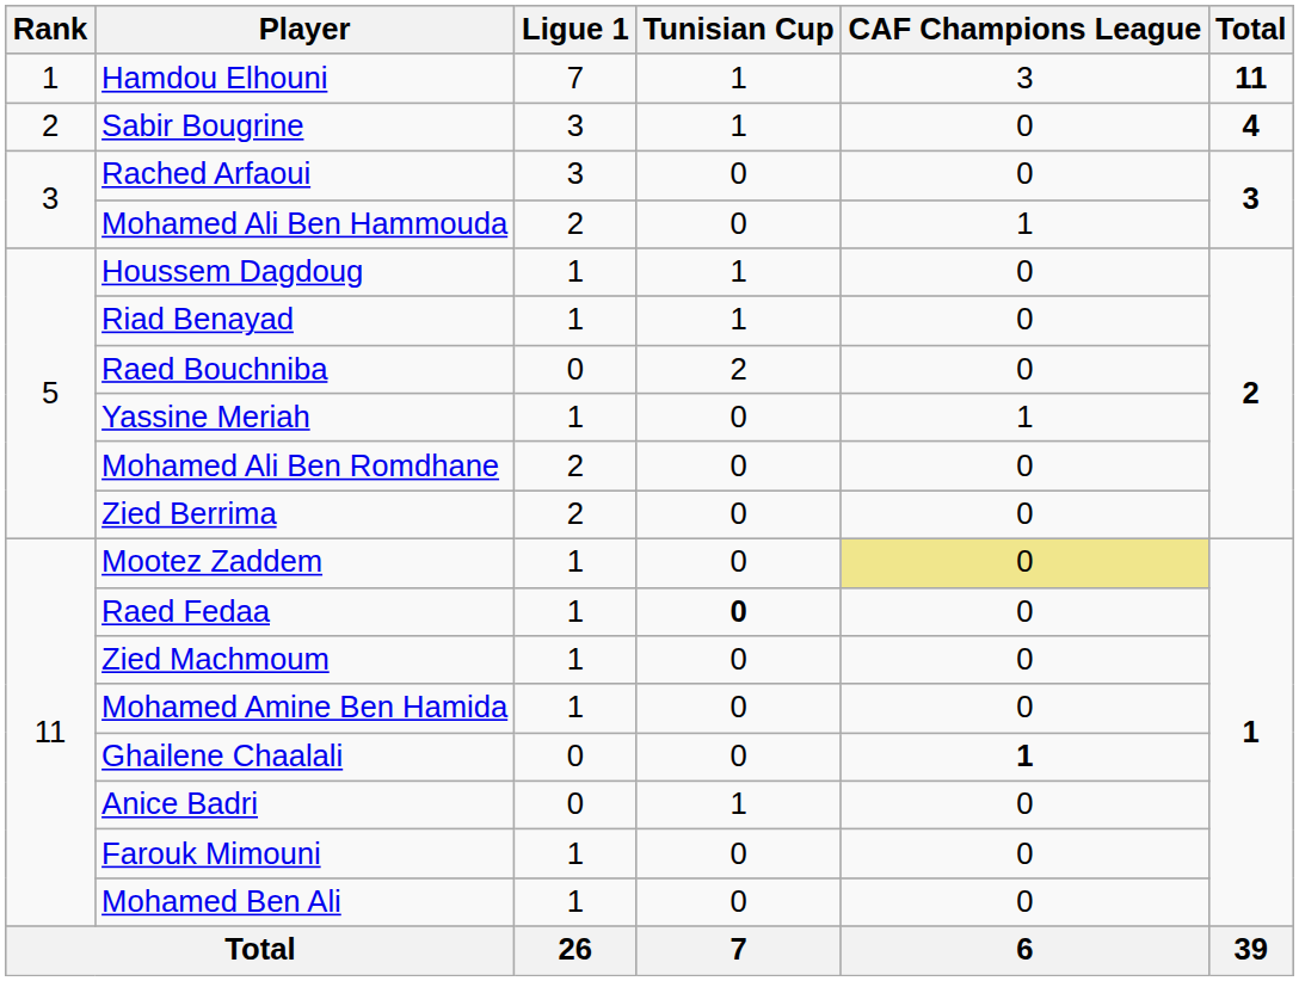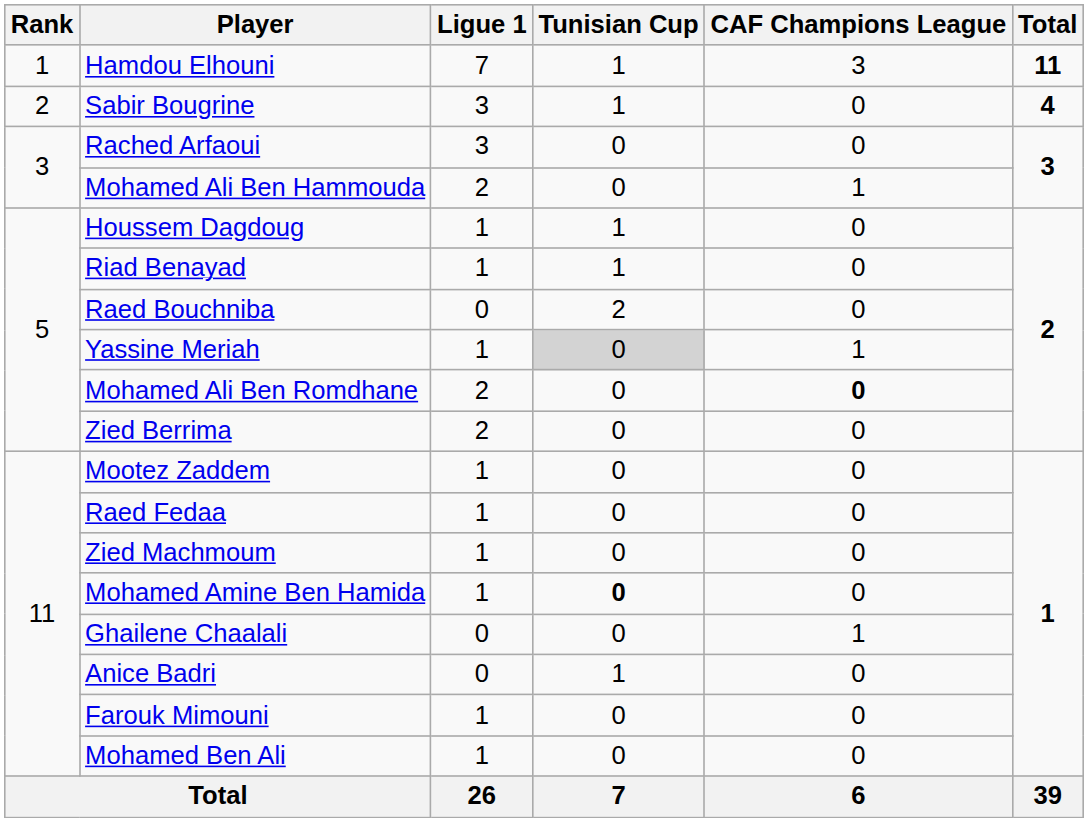 <table class="wikitable" style="text-align:center;">
 <tr>
 <th>Rank</th>
 <th>Player</th>
 <th>Ligue 1</th>
 <th>Tunisian Cup</th>
 <th>CAF Champions League</th>
 <th>Total</th>
 </tr>
 <tr>
 <td rowspan="1">1</td>
 <td align=left> <a href='#'>Hamdou Elhouni</a></td>
 <td>7</td>
 <td>1</td>
 <td>3</td>
 <td rowspan="1"><strong>11</strong></td>
 </tr>
 <tr>
 <td rowspan="1">2</td>
 <td align=left> <a href='#'>Sabir Bougrine</a></td>
 <td>3</td>
 <td>1</td>
 <td>0</td>
 <td rowspan="1"><strong>4</strong></td>
 </tr>
 <tr>
 <td rowspan="2">3</td>
 <td align=left> <a href='#'>Rached Arfaoui</a></td>
 <td>3</td>
 <td>0</td>
 <td>0</td>
 <td rowspan="2"><strong>3</strong></td>
 </tr>
 <tr>
 <td align=left> <a href='#'>Mohamed Ali Ben Hammouda</a></td>
 <td>2</td>
 <td>0</td>
 <td>1</td>
 </tr>
 <tr>
 <td rowspan="6">5</td>
 <td align=left> <a href='#'>Houssem Dagdoug</a></td>
 <td>1</td>
 <td>1</td>
 <td>0</td>
 <td rowspan="6"><strong>2</strong></td>
 </tr>
 <tr>
 <td align=left> <a href='#'>Riad Benayad</a></td>
 <td>1</td>
 <td>1</td>
 <td>0</td>
 </tr>
 <tr>
 <td align=left> <a href='#'>Raed Bouchniba</a></td>
 <td>0</td>
 <td>2</td>
 <td>0</td>
 </tr>
 <tr>
 <td align=left> <a href='#'>Yassine Meriah</a></td>
 <td>1</td>
-<td>0</td>
+<td style="background: lightgrey;">0</td>
 <td>1</td>
 </tr>
 <tr>
 <td align=left> <a href='#'>Mohamed Ali Ben Romdhane</a></td>
 <td>2</td>
 <td>0</td>
-<td>0</td>
+<td><strong>0</strong></td>
 </tr>
 <tr>
 <td align=left> <a href='#'>Zied Berrima</a></td>
 <td>2</td>
 <td>0</td>
 <td>0</td>
 </tr>
 <tr>
 <td rowspan="8">11</td>
 <td align=left> <a href='#'>Mootez Zaddem</a></td>
 <td>1</td>
 <td>0</td>
-<td style="background: khaki;">0</td>
+<td>0</td>
 <td rowspan="8"><strong>1</strong></td>
 </tr>
 <tr>
 <td align=left> <a href='#'>Raed Fedaa</a></td>
 <td>1</td>
-<td><strong>0</strong></td>
+<td>0</td>
 <td>0</td>
 </tr>
 <tr>
 <td align=left> <a href='#'>Zied Machmoum</a></td>
 <td>1</td>
 <td>0</td>
 <td>0</td>
 </tr>
 <tr>
 <td align=left> <a href='#'>Mohamed Amine Ben Hamida</a></td>
 <td>1</td>
-<td>0</td>
+<td><strong>0</strong></td>
 <td>0</td>
 </tr>
 <tr>
 <td align=left> <a href='#'>Ghailene Chaalali</a></td>
 <td>0</td>
 <td>0</td>
-<td><strong>1</strong></td>
+<td>1</td>
 </tr>
 <tr>
 <td align=left> <a href='#'>Anice Badri</a></td>
 <td>0</td>
 <td>1</td>
 <td>0</td>
 </tr>
 <tr>
 <td align=left> <a href='#'>Farouk Mimouni</a></td>
 <td>1</td>
 <td>0</td>
 <td>0</td>
 </tr>
 <tr>
 <td align=left> <a href='#'>Mohamed Ben Ali</a></td>
 <td>1</td>
 <td>0</td>
 <td>0</td>
 </tr>
 <tr>
 <th colspan=2>Total</th>
 <th>26</th>
 <th>7</th>
 <th>6</th>
 <th>39</th>
 </tr>
 </table>
